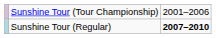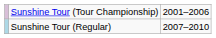 <table class="wikitable" style="font-size:95%">
 <tr>
 <td style="background:thistle"></td>
 <td><a href='#'>Sunshine Tour</a> (Tour Championship)</td>
 <td>2001–2006</td>
 </tr>
 <tr>
 <td style="background:lightblue"></td>
 <td>Sunshine Tour (Regular)</td>
-<td><strong>2007–2010</strong></td>
+<td>2007–2010</td>
 </tr>
 </table>
